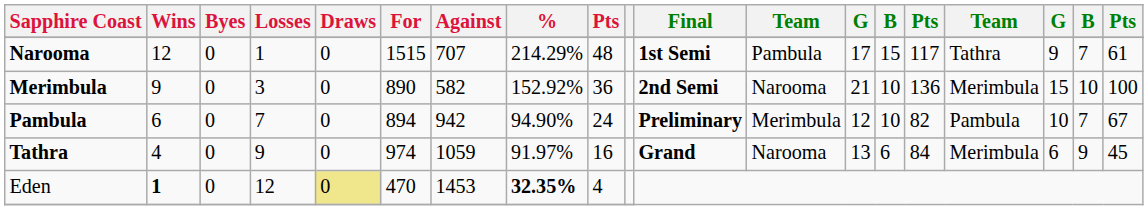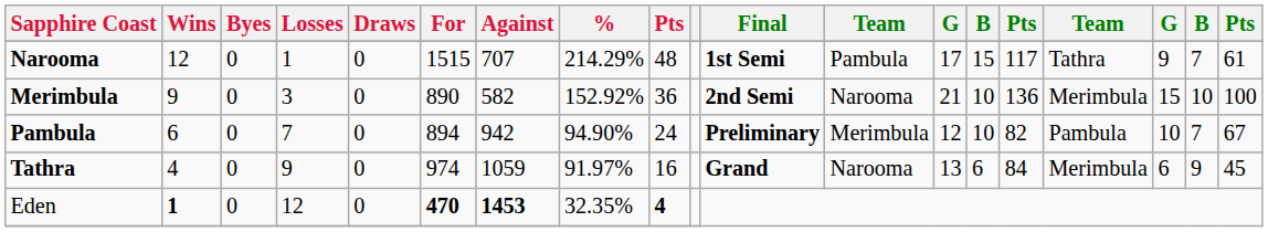 <table style="font-size: 85%; text-align: left;" class="wikitable">
 <tr>
 <th style="color:crimson">Sapphire Coast</th>
 <th style="color:crimson">Wins</th>
 <th style="color:crimson">Byes</th>
 <th style="color:crimson">Losses</th>
 <th style="color:crimson">Draws</th>
 <th style="color:crimson">For</th>
 <th style="color:crimson">Against</th>
 <th style="color:crimson">%</th>
 <th style="color:crimson">Pts</th>
 <th></th>
 <th style="color:green">Final</th>
 <th style="color:green">Team</th>
 <th style="color:green">G</th>
 <th style="color:green">B</th>
 <th style="color:green">Pts</th>
 <th style="color:green">Team</th>
 <th style="color:green">G</th>
 <th style="color:green">B</th>
 <th style="color:green">Pts</th>
 </tr>
 <tr>
 </tr>
 <tr>
 </tr>
 <tr>
 <td><strong>	Narooma	</strong></td>
 <td>12</td>
 <td>0</td>
 <td>1</td>
 <td>0</td>
 <td>1515</td>
 <td>707</td>
 <td>214.29%</td>
 <td>48</td>
 <td></td>
 <td><strong>1st Semi</strong></td>
 <td>Pambula</td>
 <td>17</td>
 <td>15</td>
 <td>117</td>
 <td>Tathra</td>
 <td>9</td>
 <td>7</td>
 <td>61</td>
 </tr>
 <tr>
 <td><strong>	Merimbula	</strong></td>
 <td>9</td>
 <td>0</td>
 <td>3</td>
 <td>0</td>
 <td>890</td>
 <td>582</td>
 <td>152.92%</td>
 <td>36</td>
 <td></td>
 <td><strong>2nd Semi</strong></td>
 <td>Narooma</td>
 <td>21</td>
 <td>10</td>
 <td>136</td>
 <td>Merimbula</td>
 <td>15</td>
 <td>10</td>
 <td>100</td>
 </tr>
 <tr>
 <td><strong>	Pambula	</strong></td>
 <td>6</td>
 <td>0</td>
 <td>7</td>
 <td>0</td>
 <td>894</td>
 <td>942</td>
 <td>94.90%</td>
 <td>24</td>
 <td></td>
 <td><strong>Preliminary</strong></td>
 <td>Merimbula</td>
 <td>12</td>
 <td>10</td>
 <td>82</td>
 <td>Pambula</td>
 <td>10</td>
 <td>7</td>
 <td>67</td>
 </tr>
 <tr>
 <td><strong>	Tathra	</strong></td>
 <td>4</td>
 <td>0</td>
 <td>9</td>
 <td>0</td>
 <td>974</td>
 <td>1059</td>
 <td>91.97%</td>
 <td>16</td>
 <td></td>
 <td><strong>Grand</strong></td>
 <td>Narooma</td>
 <td>13</td>
 <td>6</td>
 <td>84</td>
 <td>Merimbula</td>
 <td>6</td>
 <td>9</td>
 <td>45</td>
 </tr>
 <tr>
 <td>Eden</td>
 <td><strong>1</strong></td>
 <td>0</td>
 <td>12</td>
-<td style="background: khaki;">0</td>
-<td>470</td>
-<td>1453</td>
-<td><strong>32.35%</strong></td>
-<td>4</td>
+<td>0</td>
+<td><strong>470</strong></td>
+<td><strong>1453</strong></td>
+<td>32.35%</td>
+<td><strong>4</strong></td>
 <td></td>
 </tr>
 <tr>
 </tr>
 </table>
